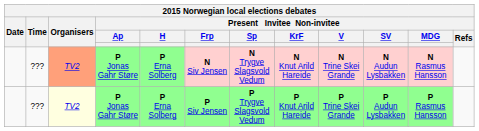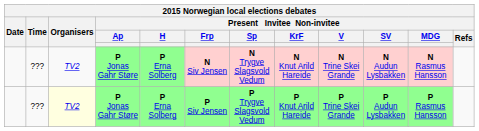 <table class="wikitable" style="font-size:85%; line-height:15px; text-align:center;">
 <tr>
 <th colspan="12">2015 Norwegian local elections debates</th>
 </tr>
 <tr>
 <th rowspan="3">Date</th>
 <th rowspan="3">Time</th>
 <th rowspan="3">Organisers</th>
 <th colspan="9"> Present    Invitee  Non-invitee </th>
 </tr>
 <tr>
 <th scope="col" style="width:5em;"><a href='#'>Ap</a></th>
 <th scope="col" style="width:5em;"><a href='#'>H</a></th>
 <th scope="col" style="width:5em;"><a href='#'>Frp</a></th>
 <th scope="col" style="width:5em;"><a href='#'>Sp</a></th>
 <th scope="col" style="width:5em;"><a href='#'>KrF</a></th>
 <th scope="col" style="width:5em;"><a href='#'>V</a></th>
 <th scope="col" style="width:5em;"><a href='#'>SV</a></th>
 <th scope="col" style="width:5em;"><a href='#'>MDG</a></th>
 <th rowspan="2">Refs</th>
 </tr>
 <tr>
 <th style="color:inherit;background:"></th>
 <th style="color:inherit;background:"></th>
 <th style="color:inherit;background:"></th>
 <th style="color:inherit;background:"></th>
 <th style="color:inherit;background:"></th>
 <th style="color:inherit;background:"></th>
 <th style="color:inherit;background:"></th>
 <th style="color:inherit;background:"></th>
 </tr>
 <tr>
 <td></td>
 <td>???</td>
-<td style="background: lightsalmon;"><em><a href='#'>TV2</a></em></td>
+<td><em><a href='#'>TV2</a></em></td>
 <td style="background:#90FF90"><strong>P</strong><br><a href='#'>Jonas Gahr Støre</a></td>
 <td style="background:#90FF90"><strong>P</strong><br><a href='#'>Erna Solberg</a></td>
 <td style="background:#FFD0D0"><strong>N</strong><br><a href='#'>Siv Jensen</a></td>
 <td style="background:#FFD0D0"><strong>N</strong><br><a href='#'>Trygve Slagsvold Vedum</a></td>
 <td style="background:#FFD0D0"><strong>N</strong><br><a href='#'>Knut Arild Hareide</a></td>
 <td style="background:#FFD0D0"><strong>N</strong><br><a href='#'>Trine Skei Grande</a></td>
 <td style="background:#FFD0D0"><strong>N</strong><br><a href='#'>Audun Lysbakken</a></td>
 <td style="background:#FFD0D0"><strong>N</strong><br><a href='#'>Rasmus Hansson</a></td>
 <td></td>
 </tr>
 <tr>
 <td></td>
 <td>???</td>
 <td style="background: lightyellow;"><em><a href='#'>TV2</a></em></td>
 <td style="background:#90FF90"><strong>P</strong><br><a href='#'>Jonas Gahr Støre</a></td>
 <td style="background:#90FF90"><strong>P</strong><br><a href='#'>Erna Solberg</a></td>
 <td style="background:#90FF90"><strong>P</strong><br><a href='#'>Siv Jensen</a></td>
 <td style="background:#90FF90"><strong>P</strong><br><a href='#'>Trygve Slagsvold Vedum</a></td>
 <td style="background:#90FF90"><strong>P</strong><br><a href='#'>Knut Arild Hareide</a></td>
 <td style="background:#90FF90"><strong>P</strong><br><a href='#'>Trine Skei Grande</a></td>
 <td style="background:#90FF90"><strong>P</strong><br><a href='#'>Audun Lysbakken</a></td>
 <td style="background:#90FF90"><strong>P</strong><br><a href='#'>Rasmus Hansson</a></td>
 <td></td>
 </tr>
 </table>
